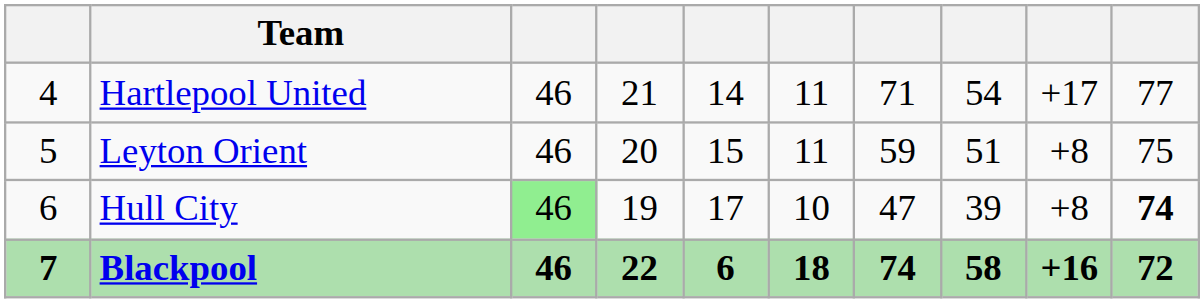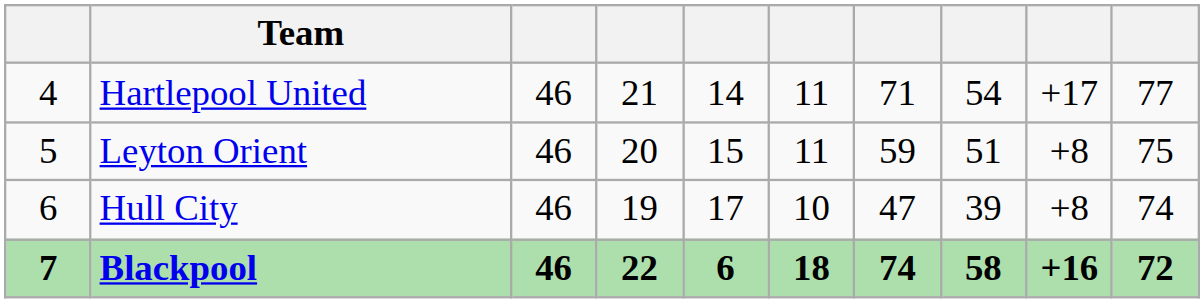 <table class="wikitable" style="text-align:center">
 <tr>
 <th width="30"></th>
 <th width="175">Team</th>
 <th width="30"></th>
 <th width="30"></th>
 <th width="30"></th>
 <th width="30"></th>
 <th width="30"></th>
 <th width="30"></th>
 <th width="30"></th>
 <th width="30"></th>
 </tr>
 <tr>
 <td>4</td>
 <td align=left><a href='#'>Hartlepool United</a></td>
 <td>46</td>
 <td>21</td>
 <td>14</td>
 <td>11</td>
 <td>71</td>
 <td>54</td>
 <td>+17</td>
 <td>77</td>
 </tr>
 <tr>
 <td>5</td>
 <td align=left><a href='#'>Leyton Orient</a></td>
 <td>46</td>
 <td>20</td>
 <td>15</td>
 <td>11</td>
 <td>59</td>
 <td>51</td>
 <td>+8</td>
 <td>75</td>
 </tr>
 <tr>
 <td>6</td>
 <td align=left><a href='#'>Hull City</a></td>
-<td style="background: lightgreen;">46</td>
+<td>46</td>
 <td>19</td>
 <td>17</td>
 <td>10</td>
 <td>47</td>
 <td>39</td>
 <td>+8</td>
-<td><strong>74</strong></td>
+<td>74</td>
 </tr>
 <tr bgcolor=#ADDFAD>
 <td><strong>7</strong></td>
 <td align=left><strong><a href='#'>Blackpool</a></strong></td>
 <td><strong>46</strong></td>
 <td><strong>22</strong></td>
 <td><strong>6</strong></td>
 <td><strong>18</strong></td>
 <td><strong>74</strong></td>
 <td><strong>58</strong></td>
 <td><strong>+16</strong></td>
 <td><strong>72</strong></td>
 </tr>
 </table>
